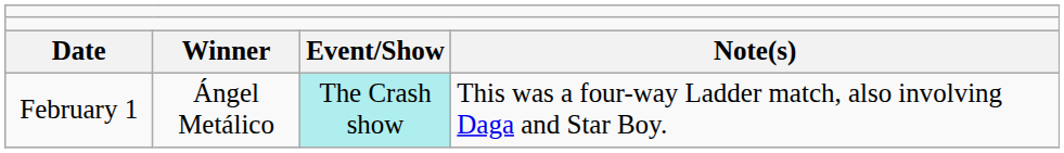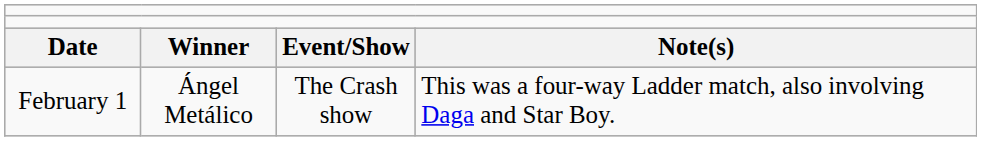 <table class="wikitable" style="text-align:center; width:100%;">
 <tr>
 <td colspan="5"></td>
 </tr>
 <tr>
 <td colspan="5"><strong></strong></td>
 </tr>
 <tr>
 <th width=14%>Date</th>
 <th width=14%>Winner</th>
 <th width=14%>Event/Show</th>
 <th width=58%>Note(s)</th>
 </tr>
 <tr>
 <td>February 1</td>
 <td>Ángel Metálico</td>
-<td style="background: paleturquoise;">The Crash show</td>
+<td>The Crash show</td>
 <td align=left>This was a four-way Ladder match, also involving <a href='#'>Daga</a> and Star Boy.</td>
 </tr>
 </table>
